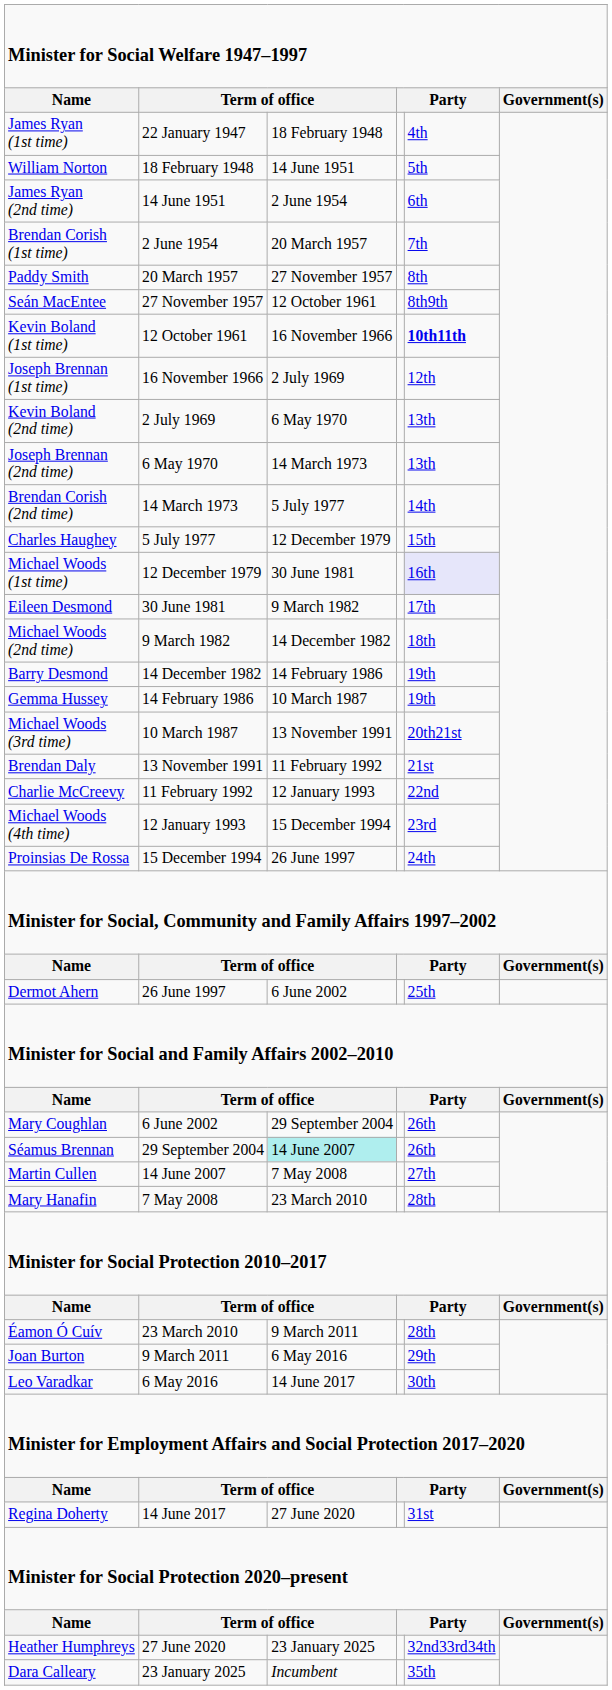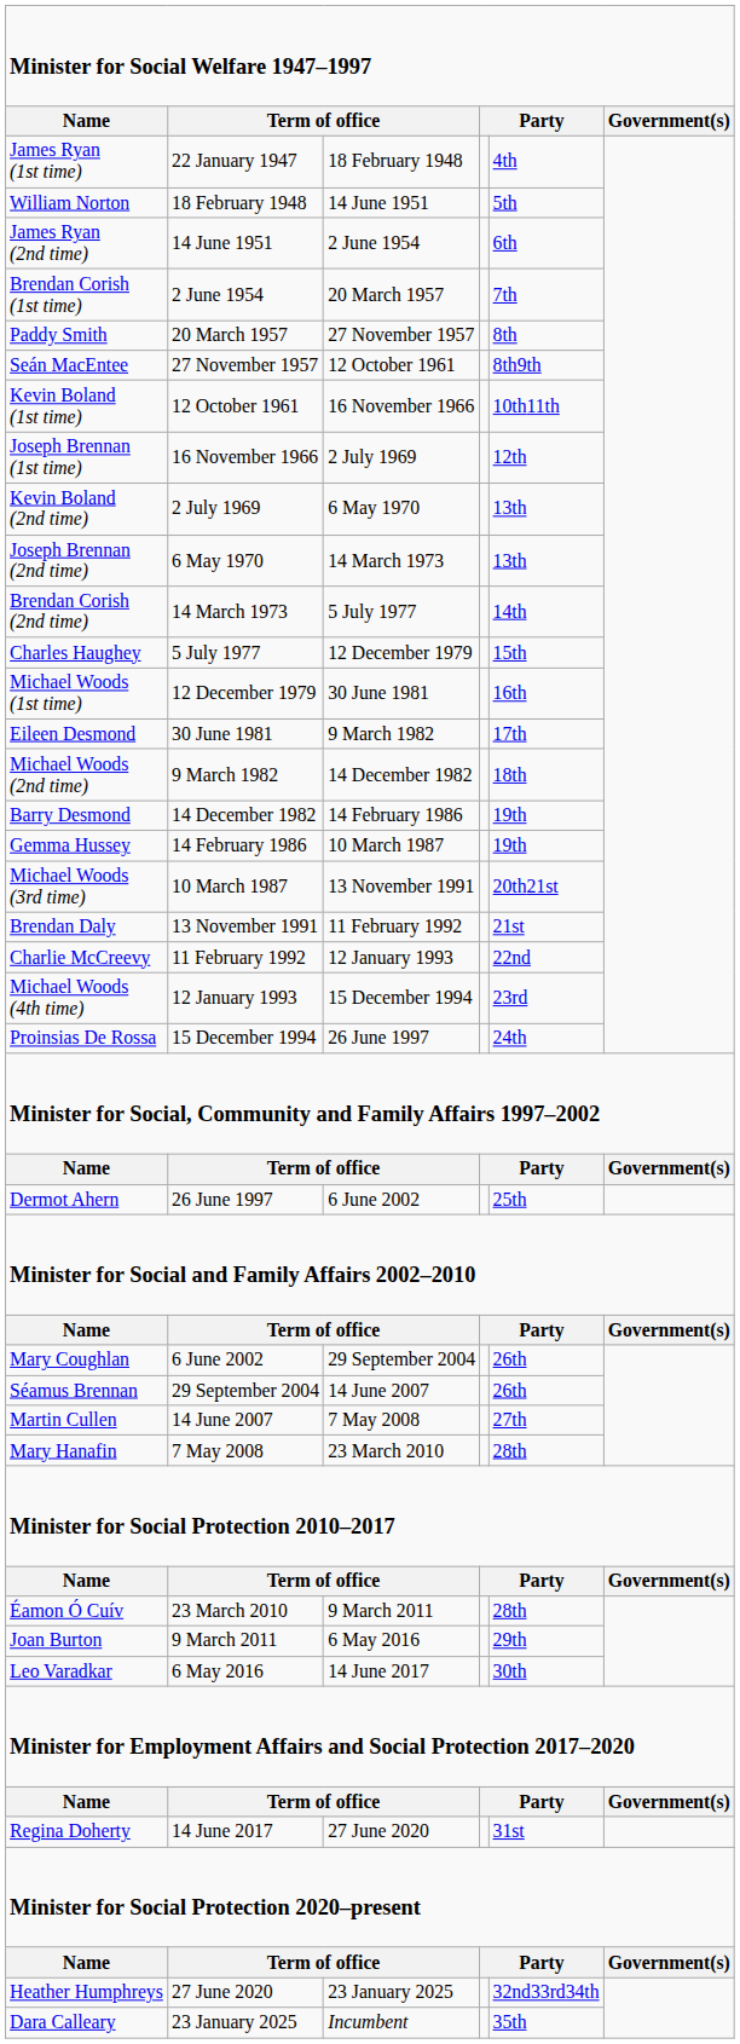 <table class="wikitable">
 <tr>
 <td colspan="6"><br><h3>Minister for Social Welfare 1947–1997</h3></td>
 </tr>
 <tr>
 <th>Name</th>
 <th colspan="2">Term of office</th>
 <th colspan="2">Party</th>
 <th>Government(s)</th>
 </tr>
 <tr>
 <td><a href='#'>James Ryan</a><br><em>(1st time)</em></td>
 <td>22 January 1947</td>
 <td>18 February 1948</td>
 <td></td>
 <td><a href='#'>4th</a></td>
 </tr>
 <tr>
 <td><a href='#'>William Norton</a></td>
 <td>18 February 1948</td>
 <td>14 June 1951</td>
 <td></td>
 <td><a href='#'>5th</a></td>
 </tr>
 <tr>
 <td><a href='#'>James Ryan</a><br><em>(2nd time)</em></td>
 <td>14 June 1951</td>
 <td>2 June 1954</td>
 <td></td>
 <td><a href='#'>6th</a></td>
 </tr>
 <tr>
 <td><a href='#'>Brendan Corish</a><br><em>(1st time)</em></td>
 <td>2 June 1954</td>
 <td>20 March 1957</td>
 <td></td>
 <td><a href='#'>7th</a></td>
 </tr>
 <tr>
 <td><a href='#'>Paddy Smith</a></td>
 <td>20 March 1957</td>
 <td>27 November 1957</td>
 <td></td>
 <td><a href='#'>8th</a></td>
 </tr>
 <tr>
 <td><a href='#'>Seán MacEntee</a></td>
 <td>27 November 1957</td>
 <td>12 October 1961</td>
 <td></td>
 <td><a href='#'>8th</a><a href='#'>9th</a></td>
 </tr>
 <tr>
 <td><a href='#'>Kevin Boland</a><br><em>(1st time)</em></td>
 <td>12 October 1961</td>
 <td>16 November 1966</td>
 <td></td>
-<td><strong><a href='#'>10th</a><a href='#'>11th</a></strong></td>
+<td><a href='#'>10th</a><a href='#'>11th</a></td>
 </tr>
 <tr>
 <td><a href='#'>Joseph Brennan</a><br><em>(1st time)</em></td>
 <td>16 November 1966</td>
 <td>2 July 1969</td>
 <td></td>
 <td><a href='#'>12th</a></td>
 </tr>
 <tr>
 <td><a href='#'>Kevin Boland</a><br><em>(2nd time)</em></td>
 <td>2 July 1969</td>
 <td>6 May 1970</td>
 <td></td>
 <td><a href='#'>13th</a></td>
 </tr>
 <tr>
 <td><a href='#'>Joseph Brennan</a><br><em>(2nd time)</em></td>
 <td>6 May 1970</td>
 <td>14 March 1973</td>
 <td></td>
 <td><a href='#'>13th</a></td>
 </tr>
 <tr>
 <td><a href='#'>Brendan Corish</a><br><em>(2nd time)</em></td>
 <td>14 March 1973</td>
 <td>5 July 1977</td>
 <td></td>
 <td><a href='#'>14th</a></td>
 </tr>
 <tr>
 <td><a href='#'>Charles Haughey</a></td>
 <td>5 July 1977</td>
 <td>12 December 1979</td>
 <td></td>
 <td><a href='#'>15th</a></td>
 </tr>
 <tr>
 <td><a href='#'>Michael Woods</a><br><em>(1st time)</em></td>
 <td>12 December 1979</td>
 <td>30 June 1981</td>
 <td></td>
-<td style="background: lavender;"><a href='#'>16th</a></td>
+<td><a href='#'>16th</a></td>
 </tr>
 <tr>
 <td><a href='#'>Eileen Desmond</a></td>
 <td>30 June 1981</td>
 <td>9 March 1982</td>
 <td></td>
 <td><a href='#'>17th</a></td>
 </tr>
 <tr>
 <td><a href='#'>Michael Woods</a><br><em>(2nd time)</em></td>
 <td>9 March 1982</td>
 <td>14 December 1982</td>
 <td></td>
 <td><a href='#'>18th</a></td>
 </tr>
 <tr>
 <td><a href='#'>Barry Desmond</a></td>
 <td>14 December 1982</td>
 <td>14 February 1986</td>
 <td></td>
 <td><a href='#'>19th</a></td>
 </tr>
 <tr>
 <td><a href='#'>Gemma Hussey</a></td>
 <td>14 February 1986</td>
 <td>10 March 1987</td>
 <td></td>
 <td><a href='#'>19th</a></td>
 </tr>
 <tr>
 <td><a href='#'>Michael Woods</a><br><em>(3rd time)</em></td>
 <td>10 March 1987</td>
 <td>13 November 1991</td>
 <td></td>
 <td><a href='#'>20th</a><a href='#'>21st</a></td>
 </tr>
 <tr>
 <td><a href='#'>Brendan Daly</a></td>
 <td>13 November 1991</td>
 <td>11 February 1992</td>
 <td></td>
 <td><a href='#'>21st</a></td>
 </tr>
 <tr>
 <td><a href='#'>Charlie McCreevy</a></td>
 <td>11 February 1992</td>
 <td>12 January 1993</td>
 <td></td>
 <td><a href='#'>22nd</a></td>
 </tr>
 <tr>
 <td><a href='#'>Michael Woods</a><br><em>(4th time)</em></td>
 <td>12 January 1993</td>
 <td>15 December 1994</td>
 <td></td>
 <td><a href='#'>23rd</a></td>
 </tr>
 <tr>
 <td><a href='#'>Proinsias De Rossa</a></td>
 <td>15 December 1994</td>
 <td>26 June 1997</td>
 <td></td>
 <td><a href='#'>24th</a></td>
 </tr>
 <tr>
 <td colspan="6"><br><h3>Minister for Social, Community and Family Affairs 1997–2002</h3></td>
 </tr>
 <tr>
 <th>Name</th>
 <th colspan="2">Term of office</th>
 <th colspan="2">Party</th>
 <th>Government(s)</th>
 </tr>
 <tr>
 <td><a href='#'>Dermot Ahern</a></td>
 <td>26 June 1997</td>
 <td>6 June 2002</td>
 <td></td>
 <td><a href='#'>25th</a></td>
 </tr>
 <tr>
 <td colspan="6"><br><h3>Minister for Social and Family Affairs 2002–2010</h3></td>
 </tr>
 <tr>
 <th>Name</th>
 <th colspan="2">Term of office</th>
 <th colspan="2">Party</th>
 <th>Government(s)</th>
 </tr>
 <tr>
 <td><a href='#'>Mary Coughlan</a></td>
 <td>6 June 2002</td>
 <td>29 September 2004</td>
 <td></td>
 <td><a href='#'>26th</a></td>
 </tr>
 <tr>
 <td><a href='#'>Séamus Brennan</a></td>
 <td>29 September 2004</td>
-<td style="background: paleturquoise;">14 June 2007</td>
+<td>14 June 2007</td>
 <td></td>
 <td><a href='#'>26th</a></td>
 </tr>
 <tr>
 <td><a href='#'>Martin Cullen</a></td>
 <td>14 June 2007</td>
 <td>7 May 2008</td>
 <td></td>
 <td><a href='#'>27th</a></td>
 </tr>
 <tr>
 <td><a href='#'>Mary Hanafin</a></td>
 <td>7 May 2008</td>
 <td>23 March 2010</td>
 <td></td>
 <td><a href='#'>28th</a></td>
 </tr>
 <tr>
 <td colspan="6"><br><h3>Minister for Social Protection 2010–2017</h3></td>
 </tr>
 <tr>
 <th>Name</th>
 <th colspan="2">Term of office</th>
 <th colspan="2">Party</th>
 <th>Government(s)</th>
 </tr>
 <tr>
 <td><a href='#'>Éamon Ó Cuív</a></td>
 <td>23 March 2010</td>
 <td>9 March 2011</td>
 <td></td>
 <td><a href='#'>28th</a></td>
 </tr>
 <tr>
 <td><a href='#'>Joan Burton</a></td>
 <td>9 March 2011</td>
 <td>6 May 2016</td>
 <td></td>
 <td><a href='#'>29th</a></td>
 </tr>
 <tr>
 <td><a href='#'>Leo Varadkar</a></td>
 <td>6 May 2016</td>
 <td>14 June 2017</td>
 <td></td>
 <td><a href='#'>30th</a></td>
 </tr>
 <tr>
 <td colspan="6"><br><h3>Minister for Employment Affairs and Social Protection 2017–2020</h3></td>
 </tr>
 <tr>
 <th>Name</th>
 <th colspan="2">Term of office</th>
 <th colspan="2">Party</th>
 <th>Government(s)</th>
 </tr>
 <tr>
 <td><a href='#'>Regina Doherty</a></td>
 <td>14 June 2017</td>
 <td>27 June 2020</td>
 <td></td>
 <td><a href='#'>31st</a></td>
 </tr>
 <tr>
 <td colspan="6"><br><h3>Minister for Social Protection 2020–present</h3></td>
 </tr>
 <tr>
 <th>Name</th>
 <th colspan="2">Term of office</th>
 <th colspan="2">Party</th>
 <th>Government(s)</th>
 </tr>
 <tr>
 <td><a href='#'>Heather Humphreys</a></td>
 <td>27 June 2020</td>
 <td>23 January 2025</td>
 <td></td>
 <td><a href='#'>32nd</a><a href='#'>33rd</a><a href='#'>34th</a></td>
 </tr>
 <tr>
 <td><a href='#'>Dara Calleary</a></td>
 <td>23 January 2025</td>
 <td><em>Incumbent</em></td>
 <td></td>
 <td><a href='#'>35th</a></td>
 </tr>
 </table>
